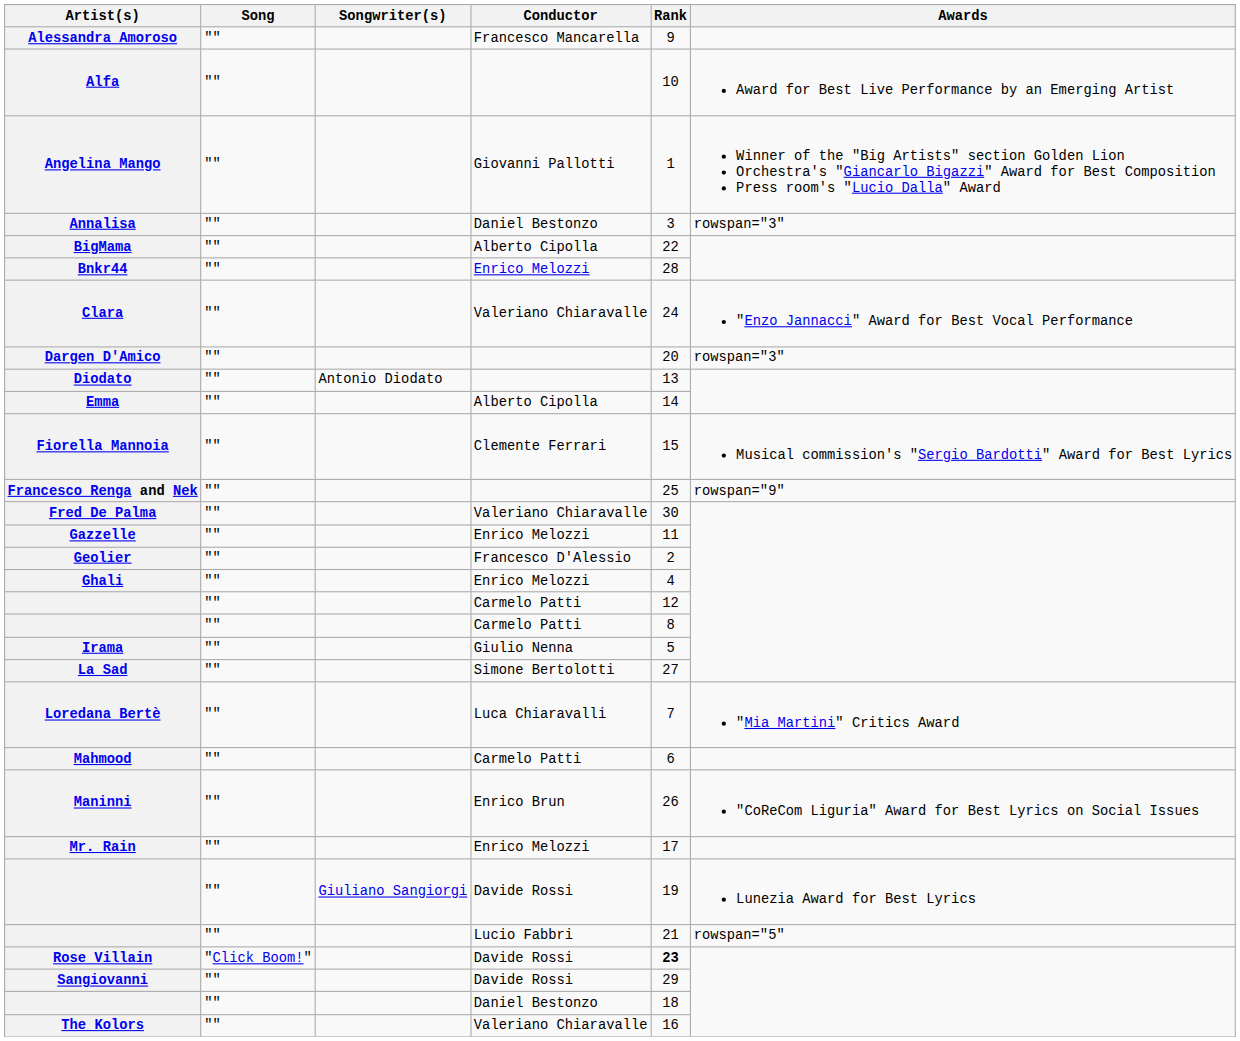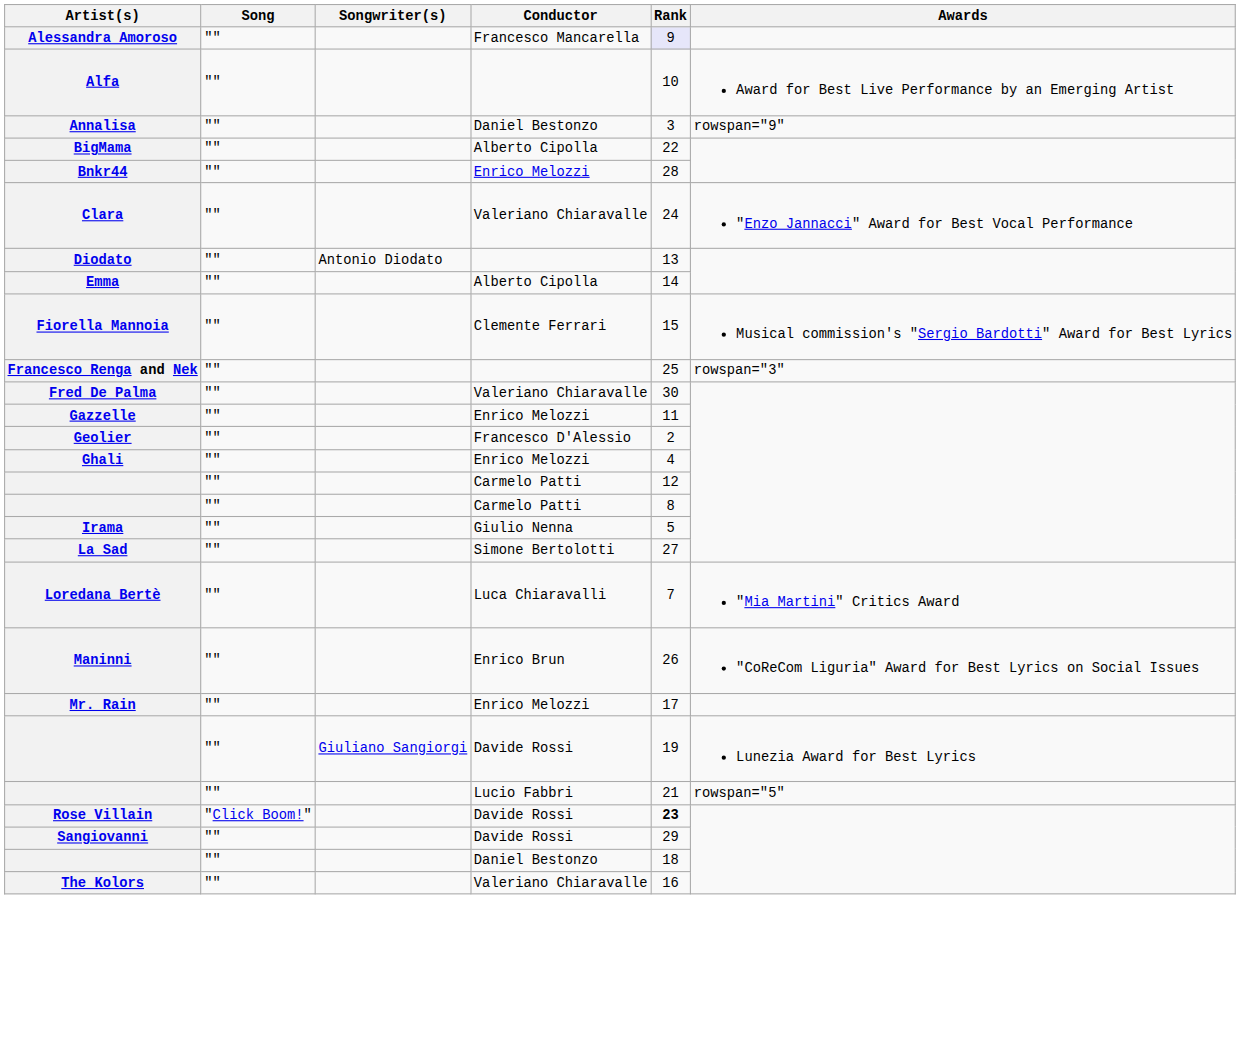 <table class="wikitable sortable plainrowheaders" style="margin: 1em auto 1em auto">
 <tr>
 <th>Artist(s)</th>
 <th>Song</th>
 <th class="unsortable">Songwriter(s)</th>
 <th>Conductor</th>
 <th>Rank</th>
 <th>Awards</th>
 </tr>
 <tr>
 <th scope="row"><a href='#'>Alessandra Amoroso</a></th>
 <td>""</td>
 <td></td>
 <td>Francesco Mancarella</td>
-<td align="center">9</td>
+<td align="center" style="background: lavender;">9</td>
 <td></td>
 </tr>
 <tr>
 <th scope="row"><a href='#'>Alfa</a></th>
 <td>""</td>
 <td></td>
 <td></td>
 <td align="center">10</td>
 <td><br><ul><li> Award for Best Live Performance by an Emerging Artist</li></ul></td>
 </tr>
 <tr>
-<th scope="row"><a href='#'>Angelina Mango</a></th>
-<td>""</td>
-<td></td>
-<td>Giovanni Pallotti</td>
-<td align="center">1</td>
-<td><br><ul><li>Winner of the "Big Artists" section Golden Lion</li><li>Orchestra's "<a href='#'>Giancarlo Bigazzi</a>" Award for Best Composition</li><li>Press room's "<a href='#'>Lucio Dalla</a>" Award</li></ul></td>
-</tr>
-<tr>
 <th scope="row"><a href='#'>Annalisa</a></th>
 <td>""</td>
 <td></td>
 <td>Daniel Bestonzo</td>
 <td align="center">3</td>
-<td>rowspan="3" </td>
+<td>rowspan="9" </td>
 </tr>
 <tr>
 <th scope="row"><a href='#'>BigMama</a></th>
 <td>""</td>
 <td></td>
 <td>Alberto Cipolla</td>
 <td align="center">22</td>
 </tr>
 <tr>
 <th scope="row"><a href='#'>Bnkr44</a></th>
 <td>""</td>
 <td></td>
 <td><a href='#'>Enrico Melozzi</a></td>
 <td align="center">28</td>
 </tr>
 <tr>
 <th scope="row"><a href='#'>Clara</a></th>
 <td>""</td>
 <td></td>
 <td>Valeriano Chiaravalle</td>
 <td align="center">24</td>
 <td><br><ul><li> "<a href='#'>Enzo Jannacci</a>" Award for Best Vocal Performance</li></ul></td>
-</tr>
-<tr>
-<th scope="row"><a href='#'>Dargen D'Amico</a></th>
-<td>""</td>
-<td></td>
-<td></td>
-<td align="center">20</td>
-<td>rowspan="3" </td>
 </tr>
 <tr>
 <th scope="row"><a href='#'>Diodato</a></th>
 <td>""</td>
 <td>Antonio Diodato</td>
 <td></td>
 <td align="center">13</td>
 </tr>
 <tr>
 <th scope="row"><a href='#'>Emma</a></th>
 <td>""</td>
 <td></td>
 <td>Alberto Cipolla</td>
 <td align="center">14</td>
 </tr>
 <tr>
 <th scope="row"><a href='#'>Fiorella Mannoia</a></th>
 <td>""</td>
 <td></td>
 <td>Clemente Ferrari</td>
 <td align="center">15</td>
 <td><br><ul><li>Musical commission's "<a href='#'>Sergio Bardotti</a>" Award for Best Lyrics</li></ul></td>
 </tr>
 <tr>
 <th scope="row"><a href='#'>Francesco Renga</a> and <a href='#'>Nek</a></th>
 <td>""</td>
 <td></td>
 <td></td>
 <td align="center">25</td>
-<td>rowspan="9" </td>
+<td>rowspan="3" </td>
 </tr>
 <tr>
 <th scope="row"><a href='#'>Fred De Palma</a></th>
 <td>""</td>
 <td></td>
 <td>Valeriano Chiaravalle</td>
 <td align="center">30</td>
 </tr>
 <tr>
 <th scope="row"><a href='#'>Gazzelle</a></th>
 <td>""</td>
 <td></td>
 <td>Enrico Melozzi</td>
 <td align="center">11</td>
 </tr>
 <tr>
 <th scope="row"><a href='#'>Geolier</a></th>
 <td>""</td>
 <td></td>
 <td>Francesco D'Alessio</td>
 <td align="center">2</td>
 </tr>
 <tr>
 <th scope="row"><a href='#'>Ghali</a></th>
 <td>""</td>
 <td></td>
 <td>Enrico Melozzi</td>
 <td align="center">4</td>
 </tr>
 <tr>
 <th scope="row"></th>
 <td>""</td>
 <td></td>
 <td>Carmelo Patti</td>
 <td align="center">12</td>
 </tr>
 <tr>
 <th scope="row"></th>
 <td>""</td>
 <td></td>
 <td>Carmelo Patti</td>
 <td align="center">8</td>
 </tr>
 <tr>
 <th scope="row"><a href='#'>Irama</a></th>
 <td>""</td>
 <td></td>
 <td>Giulio Nenna</td>
 <td align="center">5</td>
 </tr>
 <tr>
 <th scope="row"><a href='#'>La Sad</a></th>
 <td>""</td>
 <td></td>
 <td>Simone Bertolotti</td>
 <td align="center">27</td>
 </tr>
 <tr>
 <th scope="row"><a href='#'>Loredana Bertè</a></th>
 <td>""</td>
 <td></td>
 <td>Luca Chiaravalli</td>
 <td align="center">7</td>
 <td><br><ul><li>"<a href='#'>Mia Martini</a>" Critics Award</li></ul></td>
 </tr>
 <tr>
-<th scope="row"><a href='#'>Mahmood</a></th>
-<td>""</td>
-<td></td>
-<td>Carmelo Patti</td>
-<td align="center">6</td>
-<td></td>
-</tr>
-<tr>
 <th scope="row"><a href='#'>Maninni</a></th>
 <td>""</td>
 <td></td>
 <td>Enrico Brun</td>
 <td align="center">26</td>
 <td><br><ul><li>"CoReCom Liguria" Award for Best Lyrics on Social Issues</li></ul></td>
 </tr>
 <tr>
 <th scope="row"><a href='#'>Mr. Rain</a></th>
 <td>""</td>
 <td></td>
 <td>Enrico Melozzi</td>
 <td align="center">17</td>
 <td></td>
 </tr>
 <tr>
 <th scope="row"></th>
 <td>""</td>
 <td><a href='#'>Giuliano Sangiorgi</a></td>
 <td>Davide Rossi</td>
 <td align="center">19</td>
 <td><br><ul><li>Lunezia Award for Best Lyrics</li></ul></td>
 </tr>
 <tr>
 <th scope="row"></th>
 <td>""</td>
 <td></td>
 <td>Lucio Fabbri</td>
 <td align="center">21</td>
 <td>rowspan="5" </td>
 </tr>
 <tr>
 <th scope="row"><a href='#'>Rose Villain</a></th>
 <td>"<a href='#'>Click Boom!</a>"</td>
 <td></td>
 <td>Davide Rossi</td>
 <td align="center"><strong>23</strong></td>
 </tr>
 <tr>
 <th scope="row"><a href='#'>Sangiovanni</a></th>
 <td>""</td>
 <td></td>
 <td>Davide Rossi</td>
 <td align="center">29</td>
 </tr>
 <tr>
 <th scope="row"></th>
 <td>""</td>
 <td></td>
 <td>Daniel Bestonzo</td>
 <td align="center">18</td>
 </tr>
 <tr>
 <th scope="row"><a href='#'>The Kolors</a></th>
 <td>""</td>
 <td></td>
 <td>Valeriano Chiaravalle</td>
 <td align="center">16</td>
 </tr>
 </table>
